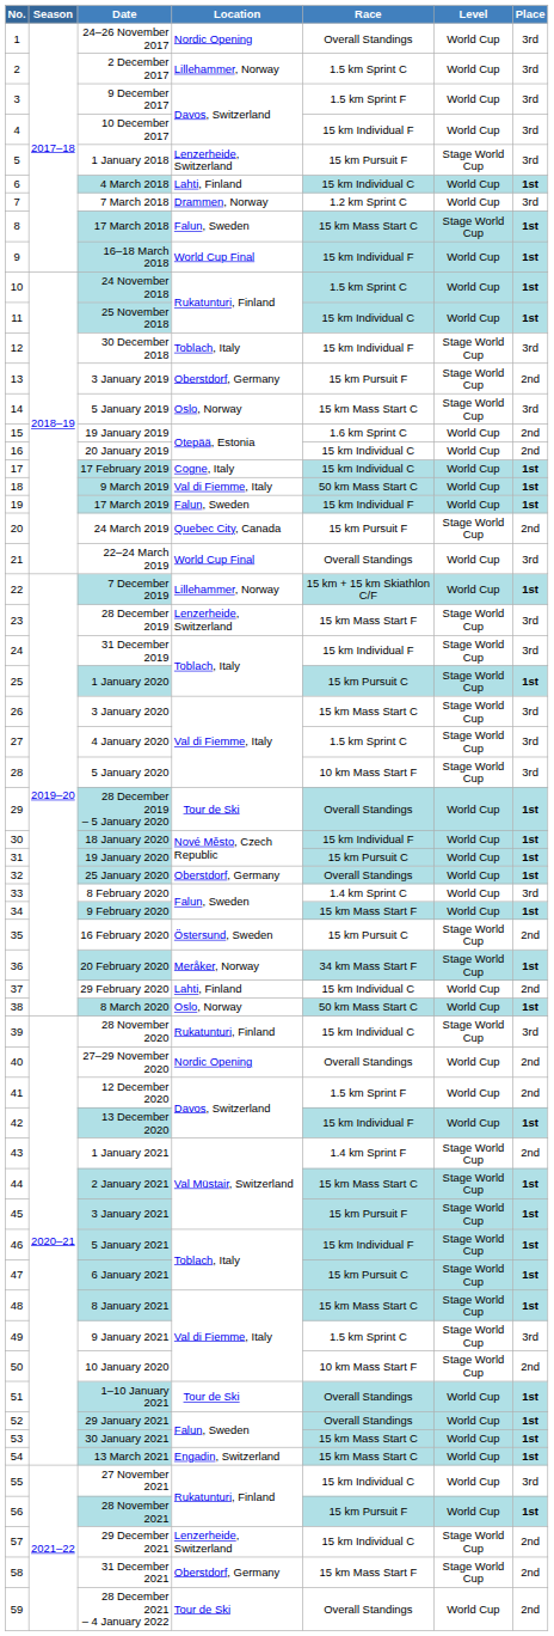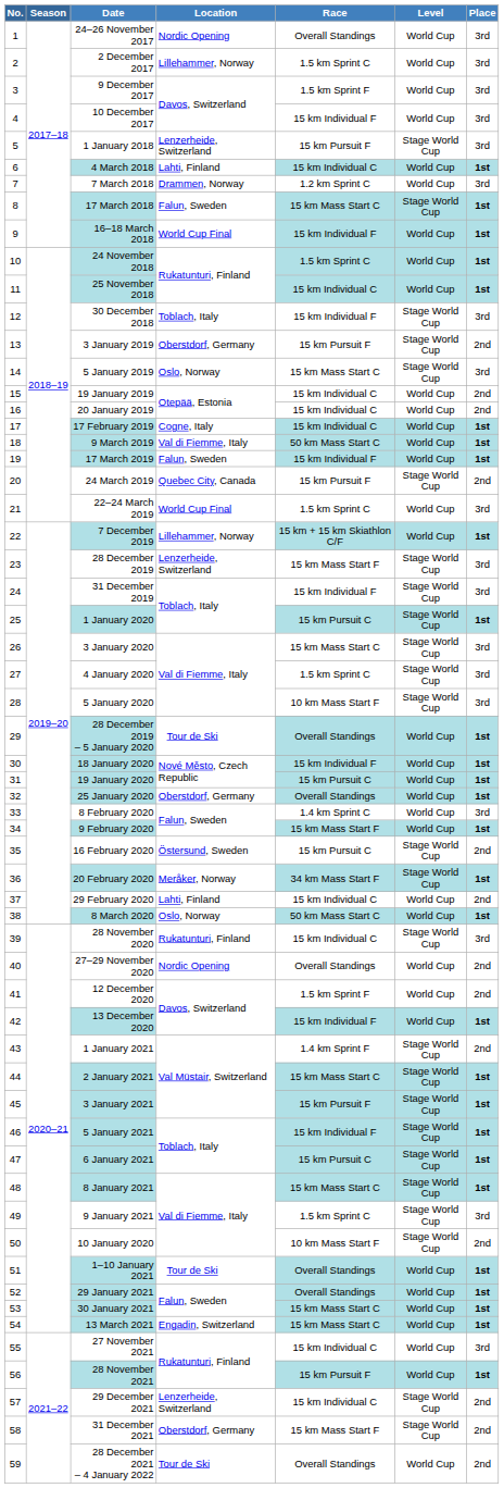 <table class="wikitable sortable" style="font-size:95%; text-align:center; border:grey solid 1px; border-collapse:collapse; background:#ffffff;">
 <tr style="background:#efefef;">
 <th style="background-color:#369; color:white;">No.</th>
 <th style="background-color:#369; color:white;">Season</th>
 <th style="background-color:#4180be; color:white; width:120px;">Date</th>
 <th style="background-color:#4180be; color:white; width:170px;">Location</th>
 <th style="background-color:#4180be; color:white; width:170px;">Race</th>
 <th style="background-color:#4180be; color:white; width:100px;">Level</th>
 <th style="background-color:#4180be; color:white;">Place</th>
 </tr>
 <tr>
 <td align=center>1</td>
 <td rowspan=9 align=center><a href='#'>2017–18</a></td>
 <td align=right>24–26 November 2017</td>
 <td align=left> <a href='#'>Nordic Opening</a></td>
 <td>Overall Standings</td>
 <td>World Cup</td>
 <td>3rd</td>
 </tr>
 <tr>
 <td align=center>2</td>
 <td align=right>2 December 2017</td>
 <td align=left> <a href='#'>Lillehammer</a>, Norway</td>
 <td>1.5 km Sprint C</td>
 <td>World Cup</td>
 <td>3rd</td>
 </tr>
 <tr>
 <td align=center>3</td>
 <td align=right>9 December 2017</td>
 <td rowspan=2 align=left> <a href='#'>Davos</a>, Switzerland</td>
 <td>1.5 km Sprint F</td>
 <td>World Cup</td>
 <td>3rd</td>
 </tr>
 <tr>
 <td align=center>4</td>
 <td align=right>10 December 2017</td>
 <td>15 km Individual F</td>
 <td>World Cup</td>
 <td>3rd</td>
 </tr>
 <tr>
 <td align=center>5</td>
 <td align=right>1 January 2018</td>
 <td align=left> <a href='#'>Lenzerheide</a>, Switzerland</td>
 <td>15 km Pursuit F</td>
 <td>Stage World Cup</td>
 <td>3rd</td>
 </tr>
 <tr>
 <td align=center>6</td>
 <td bgcolor="#BOEOE6" align=right>4 March 2018</td>
 <td align=left> <a href='#'>Lahti</a>, Finland</td>
 <td bgcolor="#BOEOE6">15 km Individual C</td>
 <td bgcolor="#BOEOE6">World Cup</td>
 <td bgcolor="#BOEOE6"><strong>1st</strong></td>
 </tr>
 <tr>
 <td align=center>7</td>
 <td align=right>7 March 2018</td>
 <td align=left> <a href='#'>Drammen</a>, Norway</td>
 <td>1.2 km Sprint C</td>
 <td>World Cup</td>
 <td>3rd</td>
 </tr>
 <tr>
 <td align=center>8</td>
 <td bgcolor="#BOEOE6" align=right>17 March 2018</td>
 <td align=left> <a href='#'>Falun</a>, Sweden</td>
 <td bgcolor="#BOEOE6">15 km Mass Start C</td>
 <td bgcolor="#BOEOE6">Stage World Cup</td>
 <td bgcolor="#BOEOE6"><strong>1st</strong></td>
 </tr>
 <tr>
 <td align=center>9</td>
 <td bgcolor="#BOEOE6" align=right>16–18 March 2018</td>
 <td align=left> <a href='#'>World Cup Final</a></td>
 <td bgcolor="#BOEOE6">15 km Individual F</td>
 <td bgcolor="#BOEOE6">World Cup</td>
 <td bgcolor="#BOEOE6"><strong>1st</strong></td>
 </tr>
 <tr>
 <td align=center>10</td>
 <td rowspan=12 align=center><a href='#'>2018–19</a></td>
 <td bgcolor="#BOEOE6" align=right>24 November 2018</td>
 <td rowspan=2 align=left> <a href='#'>Rukatunturi</a>, Finland</td>
 <td bgcolor="#BOEOE6">1.5 km Sprint C</td>
 <td bgcolor="#BOEOE6">World Cup</td>
 <td bgcolor="#BOEOE6"><strong>1st</strong></td>
 </tr>
 <tr>
 <td align=center>11</td>
 <td bgcolor="#BOEOE6" align=right>25 November 2018</td>
 <td bgcolor="#BOEOE6">15 km Individual C</td>
 <td bgcolor="#BOEOE6">World Cup</td>
 <td bgcolor="#BOEOE6"><strong>1st</strong></td>
 </tr>
 <tr>
 <td align=center>12</td>
 <td align=right>30 December 2018</td>
 <td align=left> <a href='#'>Toblach</a>, Italy</td>
 <td>15 km Individual F</td>
 <td>Stage World Cup</td>
 <td>3rd</td>
 </tr>
 <tr>
 <td align=center>13</td>
 <td align=right>3 January 2019</td>
 <td align=left> <a href='#'>Oberstdorf</a>, Germany</td>
 <td>15 km Pursuit F</td>
 <td>Stage World Cup</td>
 <td>2nd</td>
 </tr>
 <tr>
 <td align=center>14</td>
 <td align=right>5 January 2019</td>
 <td align=left> <a href='#'>Oslo</a>, Norway</td>
 <td>15 km Mass Start C</td>
 <td>Stage World Cup</td>
 <td>3rd</td>
 </tr>
 <tr>
 <td align=center>15</td>
 <td align=right>19 January 2019</td>
 <td rowspan=2 align=left> <a href='#'>Otepää</a>, Estonia</td>
-<td>1.6 km Sprint C</td>
+<td>15 km Individual C</td>
 <td>World Cup</td>
 <td>2nd</td>
 </tr>
 <tr>
 <td align=center>16</td>
 <td align=right>20 January 2019</td>
 <td>15 km Individual C</td>
 <td>World Cup</td>
 <td>2nd</td>
 </tr>
 <tr>
 <td align=center>17</td>
 <td align=right bgcolor="#BOEOE6">17 February 2019</td>
 <td align=left> <a href='#'>Cogne</a>, Italy</td>
 <td bgcolor="#BOEOE6">15 km Individual C</td>
 <td bgcolor="#BOEOE6">World Cup</td>
 <td bgcolor="#BOEOE6"><strong>1st</strong></td>
 </tr>
 <tr>
 <td align=center>18</td>
 <td align=right bgcolor="#BOEOE6">9 March 2019</td>
 <td align=left> <a href='#'>Val di Fiemme</a>, Italy</td>
 <td bgcolor="#BOEOE6">50 km Mass Start C</td>
 <td bgcolor="#BOEOE6">World Cup</td>
 <td bgcolor="#BOEOE6"><strong>1st</strong></td>
 </tr>
 <tr>
 <td align=center>19</td>
 <td align=right bgcolor="#BOEOE6">17 March 2019</td>
 <td align=left> <a href='#'>Falun</a>, Sweden</td>
 <td bgcolor="#BOEOE6">15 km Individual F</td>
 <td bgcolor="#BOEOE6">World Cup</td>
 <td bgcolor="#BOEOE6"><strong>1st</strong></td>
 </tr>
 <tr>
 <td align=center>20</td>
 <td align=right>24 March 2019</td>
 <td align=left> <a href='#'>Quebec City</a>, Canada</td>
 <td>15 km Pursuit F</td>
 <td>Stage World Cup</td>
 <td>2nd</td>
 </tr>
 <tr>
 <td align=center>21</td>
 <td align=right>22–24 March 2019</td>
 <td align=left> <a href='#'>World Cup Final</a></td>
-<td>Overall Standings</td>
+<td>1.5 km Sprint C</td>
 <td>World Cup</td>
 <td>3rd</td>
 </tr>
 <tr>
 <td align=center>22</td>
 <td rowspan=17 align=center><a href='#'>2019–20</a></td>
 <td bgcolor="#BOEOE6" align=right>7 December 2019</td>
 <td align=left> <a href='#'>Lillehammer</a>, Norway</td>
 <td bgcolor="#BOEOE6">15 km + 15 km Skiathlon C/F</td>
 <td bgcolor="#BOEOE6">World Cup</td>
 <td bgcolor="#BOEOE6"><strong>1st</strong></td>
 </tr>
 <tr>
 <td align=center>23</td>
 <td align=right>28 December 2019</td>
 <td align=left> <a href='#'>Lenzerheide</a>, Switzerland</td>
 <td>15 km Mass Start F</td>
 <td>Stage World Cup</td>
 <td>3rd</td>
 </tr>
 <tr>
 <td align=center>24</td>
 <td align=right>31 December 2019</td>
 <td rowspan=2 align=left> <a href='#'>Toblach</a>, Italy</td>
 <td>15 km Individual F</td>
 <td>Stage World Cup</td>
 <td>3rd</td>
 </tr>
 <tr>
 <td align=center>25</td>
 <td bgcolor="#BOEOE6" align=right>1 January 2020</td>
 <td bgcolor="#BOEOE6">15 km Pursuit C</td>
 <td bgcolor="#BOEOE6">Stage World Cup</td>
 <td bgcolor="#BOEOE6"><strong>1st</strong></td>
 </tr>
 <tr>
 <td align=center>26</td>
 <td align=right>3 January 2020</td>
 <td rowspan=3 align=left> <a href='#'>Val di Fiemme</a>, Italy</td>
 <td>15 km Mass Start C</td>
 <td>Stage World Cup</td>
 <td>3rd</td>
 </tr>
 <tr>
 <td align=center>27</td>
 <td align=right>4 January 2020</td>
 <td>1.5 km Sprint C</td>
 <td>Stage World Cup</td>
 <td>3rd</td>
 </tr>
 <tr>
 <td align=center>28</td>
 <td align=right>5 January 2020</td>
 <td>10 km Mass Start F</td>
 <td>Stage World Cup</td>
 <td>3rd</td>
 </tr>
 <tr>
 <td align=center>29</td>
 <td bgcolor="#BOEOE6" align="right">28 December 2019<br>– 5 January 2020</td>
 <td align="left">   <a href='#'>Tour de Ski</a></td>
 <td bgcolor="#BOEOE6">Overall Standings</td>
 <td bgcolor="#BOEOE6">World Cup</td>
 <td bgcolor="#BOEOE6"><strong>1st</strong></td>
 </tr>
 <tr>
 <td align=center>30</td>
 <td bgcolor="#BOEOE6" align=right>18 January 2020</td>
 <td rowspan=2 align=left> <a href='#'>Nové Město</a>, Czech Republic</td>
 <td bgcolor="#BOEOE6">15 km Individual F</td>
 <td bgcolor="#BOEOE6">World Cup</td>
 <td bgcolor="#BOEOE6"><strong>1st</strong></td>
 </tr>
 <tr>
 <td align=center>31</td>
 <td bgcolor="#BOEOE6" align=right>19 January 2020</td>
 <td bgcolor="#BOEOE6">15 km Pursuit C</td>
 <td bgcolor="#BOEOE6">World Cup</td>
 <td bgcolor="#BOEOE6"><strong>1st</strong></td>
 </tr>
 <tr>
 <td align=center>32</td>
 <td bgcolor="#BOEOE6" align=right>25 January 2020</td>
 <td align=left> <a href='#'>Oberstdorf</a>, Germany</td>
 <td bgcolor="#BOEOE6">Overall Standings</td>
 <td bgcolor="#BOEOE6">World Cup</td>
 <td bgcolor="#BOEOE6"><strong>1st</strong></td>
 </tr>
 <tr>
 <td align=center>33</td>
 <td align=right>8 February 2020</td>
 <td rowspan=2 align=left> <a href='#'>Falun</a>, Sweden</td>
 <td>1.4 km Sprint C</td>
 <td>World Cup</td>
 <td>3rd</td>
 </tr>
 <tr>
 <td align=center>34</td>
 <td bgcolor="#BOEOE6" align=right>9 February 2020</td>
 <td bgcolor="#BOEOE6">15 km Mass Start F</td>
 <td bgcolor="#BOEOE6">World Cup</td>
 <td bgcolor="#BOEOE6"><strong>1st</strong></td>
 </tr>
 <tr>
 <td align=center>35</td>
 <td align=right>16 February 2020</td>
 <td align=left> <a href='#'>Östersund</a>, Sweden</td>
 <td>15 km Pursuit C</td>
 <td>Stage World Cup</td>
 <td>2nd</td>
 </tr>
 <tr>
 <td align=center>36</td>
 <td bgcolor="#BOEOE6" align=right>20 February 2020</td>
 <td align=left> <a href='#'>Meråker</a>, Norway</td>
 <td bgcolor="#BOEOE6">34 km Mass Start F</td>
 <td bgcolor="#BOEOE6">Stage World Cup</td>
 <td bgcolor="#BOEOE6"><strong>1st</strong></td>
 </tr>
 <tr>
 <td align=center>37</td>
 <td align=right>29 February 2020</td>
 <td align=left> <a href='#'>Lahti</a>, Finland</td>
 <td>15 km Individual C</td>
 <td>World Cup</td>
 <td>2nd</td>
 </tr>
 <tr>
 <td align=center>38</td>
 <td bgcolor="#BOEOE6" align=right>8 March 2020</td>
 <td align=left> <a href='#'>Oslo</a>, Norway</td>
 <td bgcolor="#BOEOE6">50 km Mass Start C</td>
 <td bgcolor="#BOEOE6">World Cup</td>
 <td bgcolor="#BOEOE6"><strong>1st</strong></td>
 </tr>
 <tr>
 <td align=center>39</td>
 <td rowspan=16 align=center><a href='#'>2020–21</a></td>
 <td align=right>28 November 2020</td>
 <td align=left> <a href='#'>Rukatunturi</a>, Finland</td>
 <td>15 km Individual C</td>
 <td>Stage World Cup</td>
 <td>3rd</td>
 </tr>
 <tr>
 <td align=center>40</td>
 <td align=right>27–29 November 2020</td>
 <td align=left> <a href='#'>Nordic Opening</a></td>
 <td>Overall Standings</td>
 <td>World Cup</td>
 <td>2nd</td>
 </tr>
 <tr>
 <td align=center>41</td>
 <td align=right>12 December 2020</td>
 <td rowspan=2 align=left> <a href='#'>Davos</a>, Switzerland</td>
 <td>1.5 km Sprint F</td>
 <td>World Cup</td>
 <td>2nd</td>
 </tr>
 <tr>
 <td align=center>42</td>
 <td align=right bgcolor="#BOEOE6">13 December 2020</td>
 <td bgcolor="#BOEOE6">15 km Individual F</td>
 <td bgcolor="#BOEOE6">World Cup</td>
 <td bgcolor="#BOEOE6"><strong>1st</strong></td>
 </tr>
 <tr>
 <td align=center>43</td>
 <td align=right>1 January 2021</td>
 <td rowspan=3 align=left> <a href='#'>Val Müstair</a>, Switzerland</td>
 <td>1.4 km Sprint F</td>
 <td>Stage World Cup</td>
 <td>2nd</td>
 </tr>
 <tr>
 <td align=center>44</td>
 <td bgcolor="#BOEOE6" align=right>2 January 2021</td>
 <td bgcolor="#BOEOE6">15 km Mass Start C</td>
 <td bgcolor="#BOEOE6">Stage World Cup</td>
 <td bgcolor="#BOEOE6"><strong>1st</strong></td>
 </tr>
 <tr>
 <td align=center>45</td>
 <td bgcolor="#BOEOE6" align=right>3 January 2021</td>
 <td bgcolor="#BOEOE6">15 km Pursuit F</td>
 <td bgcolor="#BOEOE6">Stage World Cup</td>
 <td bgcolor="#BOEOE6"><strong>1st</strong></td>
 </tr>
 <tr>
 <td align=center>46</td>
 <td bgcolor="#BOEOE6" align=right>5 January 2021</td>
 <td rowspan=2 align=left> <a href='#'>Toblach</a>, Italy</td>
 <td bgcolor="#BOEOE6">15 km Individual F</td>
 <td bgcolor="#BOEOE6">Stage World Cup</td>
 <td bgcolor="#BOEOE6"><strong>1st</strong></td>
 </tr>
 <tr>
 <td align=center>47</td>
 <td bgcolor="#BOEOE6" align=right>6 January 2021</td>
 <td bgcolor="#BOEOE6">15 km Pursuit C</td>
 <td bgcolor="#BOEOE6">Stage World Cup</td>
 <td bgcolor="#BOEOE6"><strong>1st</strong></td>
 </tr>
 <tr>
 <td align=center>48</td>
 <td bgcolor="#BOEOE6" align=right>8 January 2021</td>
 <td rowspan=3 align=left> <a href='#'>Val di Fiemme</a>, Italy</td>
 <td bgcolor="#BOEOE6">15 km Mass Start C</td>
 <td bgcolor="#BOEOE6">Stage World Cup</td>
 <td bgcolor="#BOEOE6"><strong>1st</strong></td>
 </tr>
 <tr>
 <td align=center>49</td>
 <td align=right>9 January 2021</td>
 <td>1.5 km Sprint C</td>
 <td>Stage World Cup</td>
 <td>3rd</td>
 </tr>
 <tr>
 <td align=center>50</td>
 <td align=right>10 January 2020</td>
 <td>10 km Mass Start F</td>
 <td>Stage World Cup</td>
 <td>2nd</td>
 </tr>
 <tr>
 <td align=center>51</td>
 <td bgcolor="#BOEOE6" align="right">1–10 January 2021</td>
 <td align="left">   <a href='#'>Tour de Ski</a></td>
 <td bgcolor="#BOEOE6">Overall Standings</td>
 <td bgcolor="#BOEOE6">World Cup</td>
 <td bgcolor="#BOEOE6"><strong>1st</strong></td>
 </tr>
 <tr>
 <td align=center>52</td>
 <td align=right bgcolor="#BOEOE6">29 January 2021</td>
 <td rowspan=2 align="left"> <a href='#'>Falun</a>, Sweden</td>
 <td bgcolor="#BOEOE6">Overall Standings</td>
 <td bgcolor="#BOEOE6">World Cup</td>
 <td bgcolor="#BOEOE6"><strong>1st</strong></td>
 </tr>
 <tr>
 <td align=center>53</td>
 <td align=right bgcolor="#BOEOE6">30 January 2021</td>
 <td bgcolor="#BOEOE6">15 km Mass Start C</td>
 <td bgcolor="#BOEOE6">World Cup</td>
 <td bgcolor="#BOEOE6"><strong>1st</strong></td>
 </tr>
 <tr>
 <td align=center>54</td>
 <td bgcolor="#BOEOE6" align=right>13 March 2021</td>
 <td align=left> <a href='#'>Engadin</a>, Switzerland</td>
 <td bgcolor="#BOEOE6">15 km Mass Start C</td>
 <td bgcolor="#BOEOE6">World Cup</td>
 <td bgcolor="#BOEOE6"><strong>1st</strong></td>
 </tr>
 <tr>
 <td align=center>55</td>
 <td rowspan="5" align="center"><a href='#'>2021–22</a></td>
 <td align=right>27 November 2021</td>
 <td rowspan=2 align=left> <a href='#'>Rukatunturi</a>, Finland</td>
 <td>15 km Individual C</td>
 <td>World Cup</td>
 <td>3rd</td>
 </tr>
 <tr>
 <td align=center>56</td>
 <td bgcolor="#BOEOE6" align=right>28 November 2021</td>
 <td bgcolor="#BOEOE6">15 km Pursuit F</td>
 <td bgcolor="#BOEOE6">World Cup</td>
 <td bgcolor="#BOEOE6"><strong>1st</strong></td>
 </tr>
 <tr>
 <td align=center>57</td>
 <td align=right>29 December 2021</td>
 <td align=left> <a href='#'>Lenzerheide</a>, Switzerland</td>
 <td>15 km Individual C</td>
 <td>Stage World Cup</td>
 <td>2nd</td>
 </tr>
 <tr>
 <td align=center>58</td>
 <td align=right>31 December 2021</td>
 <td align=left> <a href='#'>Oberstdorf</a>, Germany</td>
 <td>15 km Mass Start F</td>
 <td>Stage World Cup</td>
 <td>2nd</td>
 </tr>
 <tr>
 <td align=center>59</td>
 <td align="right">28 December 2021<br>– 4 January 2022</td>
 <td align="left"> <a href='#'>Tour de Ski</a></td>
 <td>Overall Standings</td>
 <td>World Cup</td>
 <td>2nd</td>
 </tr>
 </table>
